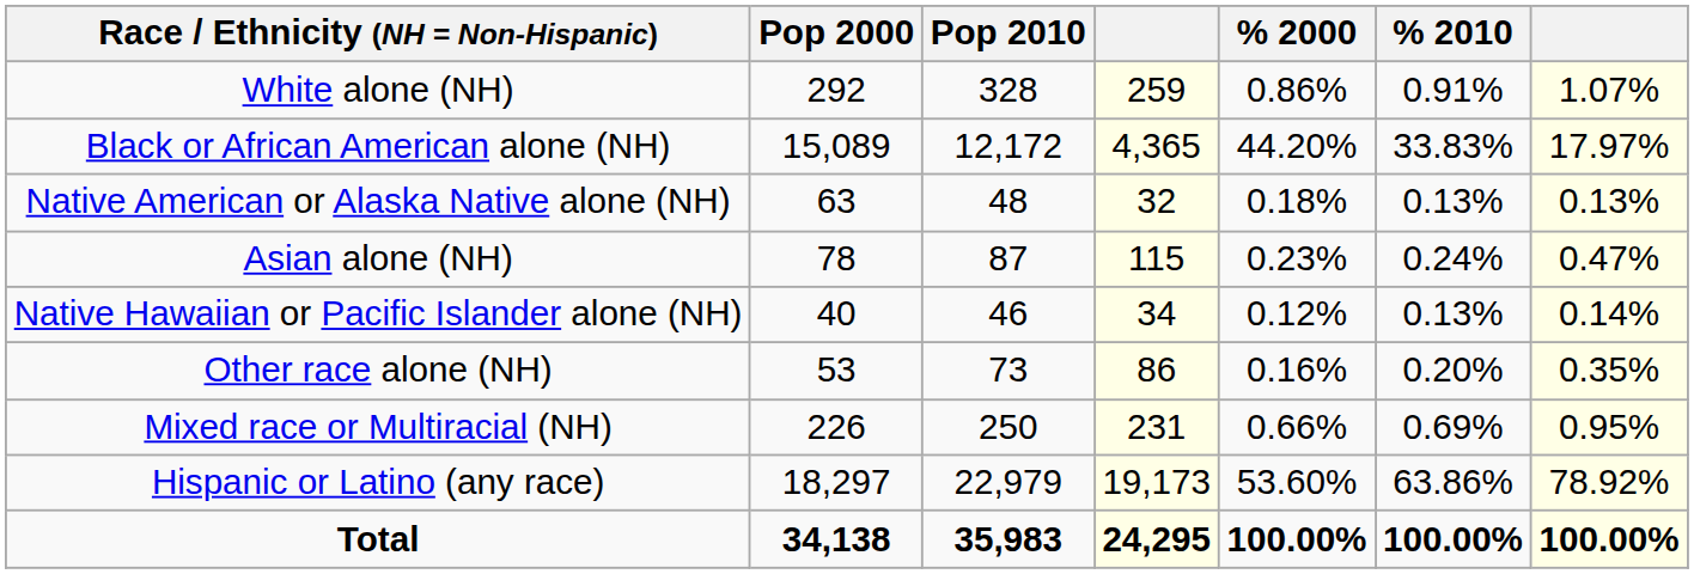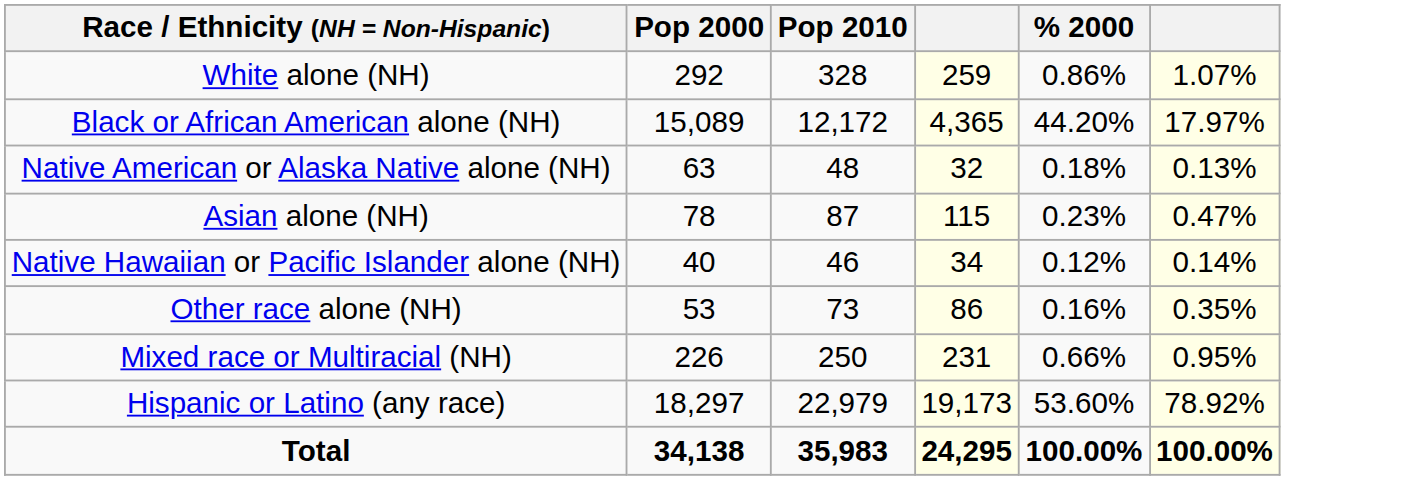 <table class="wikitable" style="text-align:center;">
 <tr>
 <th>Race / Ethnicity <small>(<em>NH = Non-Hispanic</em>)</small></th>
 <th>Pop 2000</th>
 <th>Pop 2010</th>
 <th></th>
 <th>% 2000</th>
-<th>% 2010</th>
 <th></th>
 </tr>
 <tr>
 <td><a href='#'>White</a> alone (NH)</td>
 <td>292</td>
 <td>328</td>
 <td style='background: #ffffe6;'>259</td>
 <td>0.86%</td>
-<td>0.91%</td>
 <td style='background: #ffffe6;'>1.07%</td>
 </tr>
 <tr>
 <td><a href='#'>Black or African American</a> alone (NH)</td>
 <td>15,089</td>
 <td>12,172</td>
 <td style='background: #ffffe6;'>4,365</td>
 <td>44.20%</td>
-<td>33.83%</td>
 <td style='background: #ffffe6;'>17.97%</td>
 </tr>
 <tr>
 <td><a href='#'>Native American</a> or <a href='#'>Alaska Native</a> alone (NH)</td>
 <td>63</td>
 <td>48</td>
 <td style='background: #ffffe6;'>32</td>
 <td>0.18%</td>
-<td>0.13%</td>
 <td style='background: #ffffe6;'>0.13%</td>
 </tr>
 <tr>
 <td><a href='#'>Asian</a> alone (NH)</td>
 <td>78</td>
 <td>87</td>
 <td style='background: #ffffe6;'>115</td>
 <td>0.23%</td>
-<td>0.24%</td>
 <td style='background: #ffffe6;'>0.47%</td>
 </tr>
 <tr>
 <td><a href='#'>Native Hawaiian</a> or <a href='#'>Pacific Islander</a> alone (NH)</td>
 <td>40</td>
 <td>46</td>
 <td style='background: #ffffe6;'>34</td>
 <td>0.12%</td>
-<td>0.13%</td>
 <td style='background: #ffffe6;'>0.14%</td>
 </tr>
 <tr>
 <td><a href='#'>Other race</a> alone (NH)</td>
 <td>53</td>
 <td>73</td>
 <td style='background: #ffffe6;'>86</td>
 <td>0.16%</td>
-<td>0.20%</td>
 <td style='background: #ffffe6;'>0.35%</td>
 </tr>
 <tr>
 <td><a href='#'>Mixed race or Multiracial</a> (NH)</td>
 <td>226</td>
 <td>250</td>
 <td style='background: #ffffe6;'>231</td>
 <td>0.66%</td>
-<td>0.69%</td>
 <td style='background: #ffffe6;'>0.95%</td>
 </tr>
 <tr>
 <td><a href='#'>Hispanic or Latino</a> (any race)</td>
 <td>18,297</td>
 <td>22,979</td>
 <td style='background: #ffffe6;'>19,173</td>
 <td>53.60%</td>
-<td>63.86%</td>
 <td style='background: #ffffe6;'>78.92%</td>
 </tr>
 <tr>
 <td><strong>Total</strong></td>
 <td><strong>34,138</strong></td>
 <td><strong>35,983</strong></td>
 <td style='background: #ffffe6;'><strong>24,295</strong></td>
 <td><strong>100.00%</strong></td>
-<td><strong>100.00%</strong></td>
 <td style='background: #ffffe6;'><strong>100.00%</strong></td>
 </tr>
 </table>
